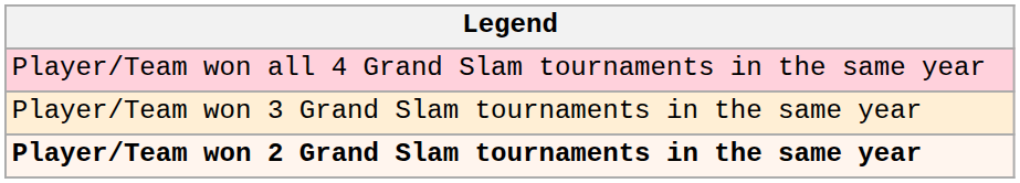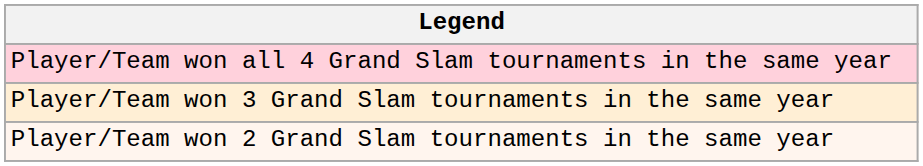 <table class="wikitable" style="font-size:95%; width:38em">
 <tr>
 <th>Legend</th>
 </tr>
 <tr>
 <td bgcolor="FFD1DC">Player/Team won all 4 Grand Slam tournaments in the same year</td>
 </tr>
 <tr>
 <td bgcolor="FFEFD5">Player/Team won 3 Grand Slam tournaments in the same year</td>
 </tr>
 <tr>
-<td bgcolor="#FFF5EE"><strong>Player/Team won 2 Grand Slam tournaments in the same year</strong></td>
+<td bgcolor="#FFF5EE">Player/Team won 2 Grand Slam tournaments in the same year</td>
 </tr>
 </table>
